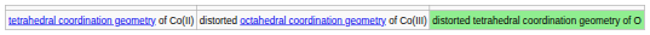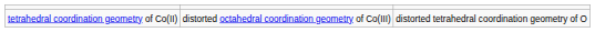 <table class="wikitable" style="margin:1em auto; text-align:center;">
 <tr>
 <td></td>
 <td></td>
 <td></td>
 </tr>
 <tr>
 <td><small><a href='#'>tetrahedral coordination geometry</a> of Co(II)</small></td>
 <td><small>distorted <a href='#'>octahedral coordination geometry</a> of Co(III)</small></td>
-<td style="background: lightgreen;"><small>distorted tetrahedral coordination geometry of O</small></td>
+<td><small>distorted tetrahedral coordination geometry of O</small></td>
 </tr>
 </table>
